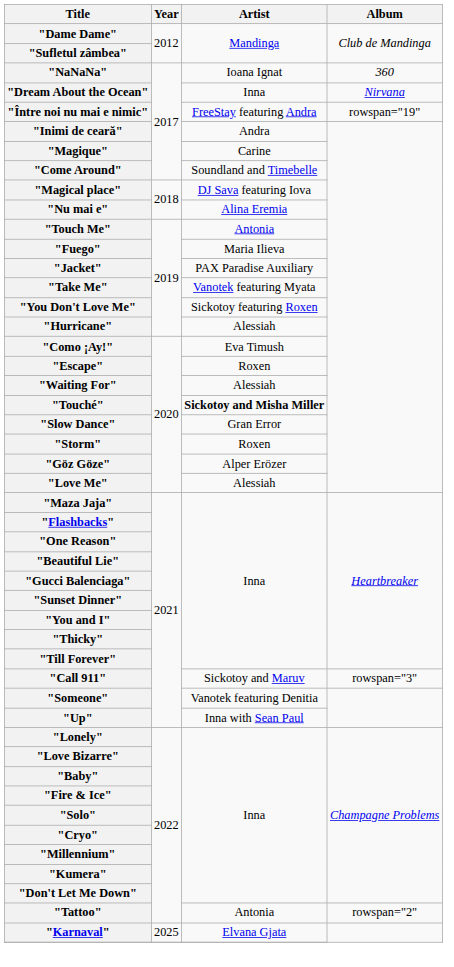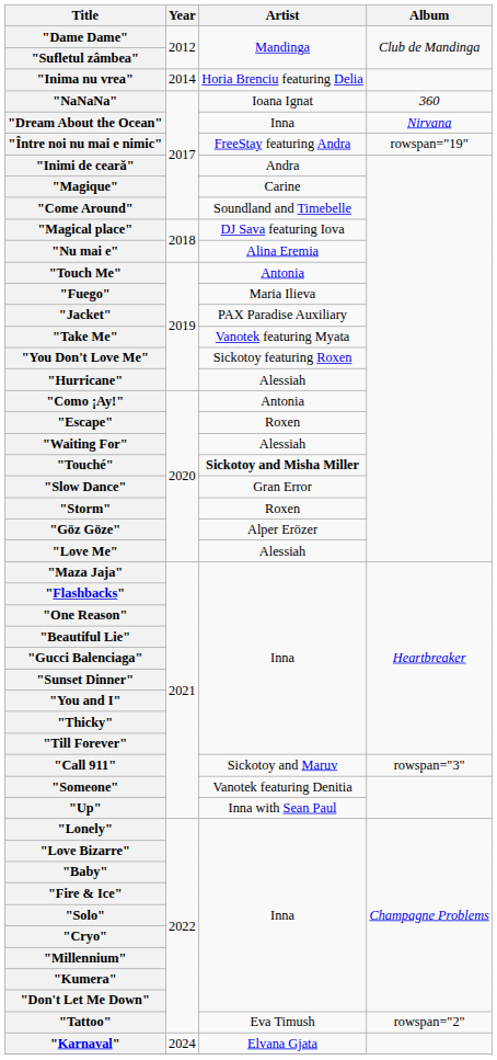 <table class="wikitable plainrowheaders" style="text-align:center;" border="1">
 <tr>
 <th scope="col">Title</th>
 <th scope="col">Year</th>
 <th scope="col">Artist</th>
 <th scope="col">Album</th>
 </tr>
 <tr>
 <th scope="row">"Dame Dame"</th>
 <td rowspan="2">2012</td>
 <td rowspan="2"><a href='#'>Mandinga</a></td>
 <td rowspan="2"><em>Club de Mandinga</em></td>
 </tr>
 <tr>
 <th scope="row">"Sufletul zâmbea"</th>
+</tr>
+<tr>
+<th scope="row">"Inima nu vrea"</th>
+<td>2014</td>
+<td><a href='#'>Horia Brenciu</a> featuring <a href='#'>Delia</a></td>
+<td></td>
 </tr>
 <tr>
 <th scope="row">"NaNaNa"</th>
 <td rowspan="6">2017</td>
 <td>Ioana Ignat</td>
 <td><em>360</em></td>
 </tr>
 <tr>
 <th scope="row">"Dream About the Ocean"</th>
 <td>Inna</td>
 <td><em><a href='#'>Nirvana</a></em></td>
 </tr>
 <tr>
 <th scope="row">"Între noi nu mai e nimic"</th>
 <td><a href='#'>FreeStay</a> featuring <a href='#'>Andra</a></td>
 <td>rowspan="19" </td>
 </tr>
 <tr>
 <th scope="row">"Inimi de ceară"</th>
 <td>Andra</td>
 </tr>
 <tr>
 <th scope="row">"Magique"</th>
 <td>Carine</td>
 </tr>
 <tr>
 <th scope="row">"Come Around"</th>
 <td>Soundland and <a href='#'>Timebelle</a></td>
 </tr>
 <tr>
 <th scope="row">"Magical place"</th>
 <td rowspan="2">2018</td>
 <td><a href='#'>DJ Sava</a> featuring Iova</td>
 </tr>
 <tr>
 <th scope="row">"Nu mai e"</th>
 <td><a href='#'>Alina Eremia</a></td>
 </tr>
 <tr>
 <th scope="row">"Touch Me"</th>
 <td rowspan="6">2019</td>
 <td><a href='#'>Antonia</a></td>
 </tr>
 <tr>
 <th scope="row">"Fuego"</th>
 <td>Maria Ilieva</td>
 </tr>
 <tr>
 <th scope="row">"Jacket"</th>
 <td>PAX Paradise Auxiliary</td>
 </tr>
 <tr>
 <th scope="row">"Take Me"</th>
 <td><a href='#'>Vanotek</a> featuring Myata</td>
 </tr>
 <tr>
 <th scope="row">"You Don't Love Me"</th>
 <td>Sickotoy featuring <a href='#'>Roxen</a></td>
 </tr>
 <tr>
 <th scope="row">"Hurricane"</th>
 <td>Alessiah</td>
 </tr>
 <tr>
 <th scope="row">"Como ¡Ay!"</th>
 <td rowspan="8">2020</td>
-<td>Eva Timush</td>
+<td>Antonia</td>
 </tr>
 <tr>
 <th scope="row">"Escape"</th>
 <td>Roxen</td>
 </tr>
 <tr>
 <th scope="row">"Waiting For"</th>
 <td>Alessiah</td>
 </tr>
 <tr>
 <th scope="row">"Touché"</th>
 <td><strong>Sickotoy and Misha Miller</strong></td>
 </tr>
 <tr>
 <th scope="row">"Slow Dance"</th>
 <td>Gran Error</td>
 </tr>
 <tr>
 <th scope="row">"Storm"</th>
 <td>Roxen</td>
 </tr>
 <tr>
 <th scope="row">"Göz Göze"</th>
 <td>Alper Erözer</td>
 </tr>
 <tr>
 <th scope="row">"Love Me"</th>
 <td>Alessiah</td>
 </tr>
 <tr>
 <th scope="row">"Maza Jaja"</th>
 <td rowspan="12">2021</td>
 <td rowspan="9">Inna</td>
 <td rowspan="9"><em><a href='#'>Heartbreaker</a></em></td>
 </tr>
 <tr>
 <th scope="row">"<a href='#'>Flashbacks</a>"</th>
 </tr>
 <tr>
 <th scope="row">"One Reason"</th>
 </tr>
 <tr>
 <th scope="row">"Beautiful Lie"</th>
 </tr>
 <tr>
 <th scope="row">"Gucci Balenciaga"</th>
 </tr>
 <tr>
 <th scope="row">"Sunset Dinner"</th>
 </tr>
 <tr>
 <th scope="row">"You and I"</th>
 </tr>
 <tr>
 <th scope="row">"Thicky"</th>
 </tr>
 <tr>
 <th scope="row">"Till Forever"</th>
 </tr>
 <tr>
 <th scope="row">"Call 911"</th>
 <td>Sickotoy and <a href='#'>Maruv</a></td>
 <td>rowspan="3" </td>
 </tr>
 <tr>
 <th scope="row">"Someone"</th>
 <td>Vanotek featuring Denitia</td>
 </tr>
 <tr>
 <th scope="row">"Up"</th>
 <td>Inna with <a href='#'>Sean Paul</a></td>
 </tr>
 <tr>
 <th scope="row">"Lonely"</th>
 <td rowspan="10">2022</td>
 <td rowspan="9">Inna</td>
 <td rowspan="9"><em><a href='#'>Champagne Problems</a></em></td>
 </tr>
 <tr>
 <th scope="row">"Love Bizarre"</th>
 </tr>
 <tr>
 <th scope="row">"Baby"</th>
 </tr>
 <tr>
 <th scope="row">"Fire & Ice"</th>
 </tr>
 <tr>
 <th scope="row">"Solo"</th>
 </tr>
 <tr>
 <th scope="row">"Cryo"</th>
 </tr>
 <tr>
 <th scope="row">"Millennium"</th>
 </tr>
 <tr>
 <th scope="row">"Kumera"</th>
 </tr>
 <tr>
 <th scope="row">"Don't Let Me Down"</th>
 </tr>
 <tr>
 <th scope="row">"Tattoo"</th>
-<td>Antonia</td>
+<td>Eva Timush</td>
 <td>rowspan="2" </td>
 </tr>
 <tr>
 <th scope="row">"<a href='#'>Karnaval</a>"</th>
-<td>2025</td>
+<td>2024</td>
 <td><a href='#'>Elvana Gjata</a></td>
 </tr>
 <tr>
 </tr>
 </table>
